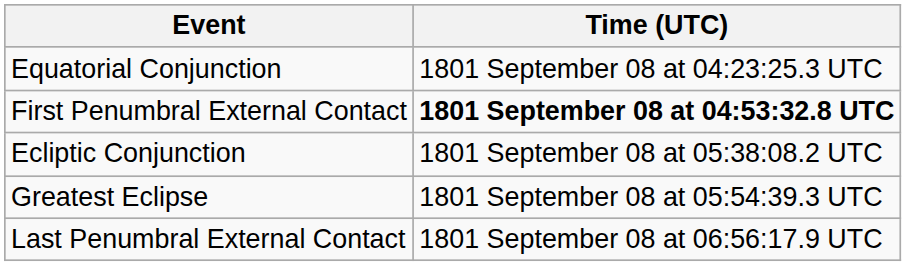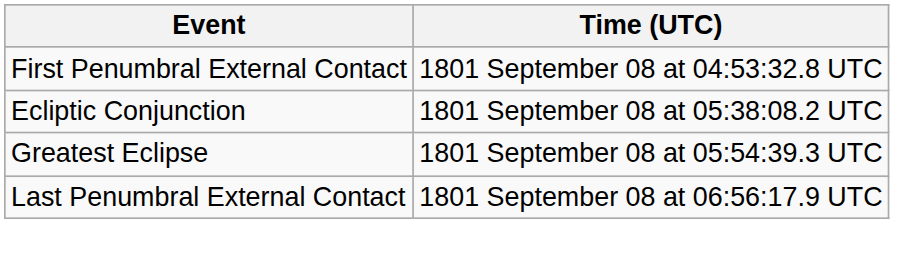 <table class="wikitable">
 <tr>
 <th>Event</th>
 <th>Time (UTC)</th>
 </tr>
 <tr>
-<td>Equatorial Conjunction</td>
-<td>1801 September 08 at 04:23:25.3 UTC</td>
-</tr>
-<tr>
 <td>First Penumbral External Contact</td>
-<td><strong>1801 September 08 at 04:53:32.8 UTC</strong></td>
+<td>1801 September 08 at 04:53:32.8 UTC</td>
 </tr>
 <tr>
 <td>Ecliptic Conjunction</td>
 <td>1801 September 08 at 05:38:08.2 UTC</td>
 </tr>
 <tr>
 <td>Greatest Eclipse</td>
 <td>1801 September 08 at 05:54:39.3 UTC</td>
 </tr>
 <tr>
 <td>Last Penumbral External Contact</td>
 <td>1801 September 08 at 06:56:17.9 UTC</td>
 </tr>
 </table>
